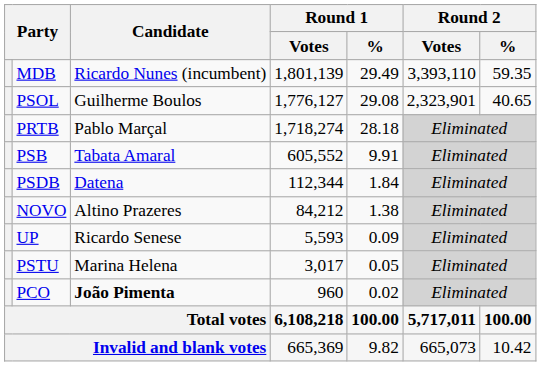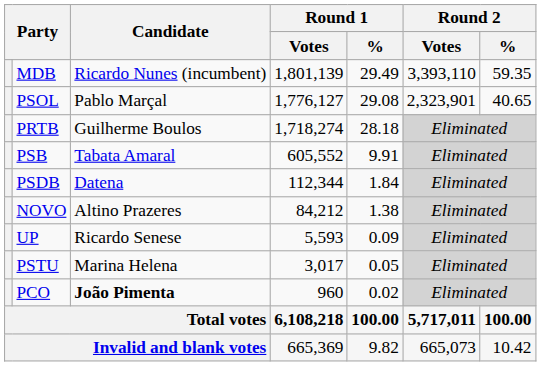 <table class="wikitable sortable" style="text-align:right">
 <tr>
 <th colspan=2 rowspan=2>Party</th>
 <th rowspan=2>Candidate</th>
 <th colspan=2>Round 1</th>
 <th colspan=2>Round 2</th>
 </tr>
 <tr>
 <th>Votes</th>
 <th>%</th>
 <th>Votes</th>
 <th>%</th>
 </tr>
 <tr>
 <th style="background-color:"></th>
 <td style="text-align:left"><a href='#'>MDB</a></td>
 <td style="text-align:left"><a href='#'>Ricardo Nunes</a> (incumbent)</td>
 <td>1,801,139</td>
 <td>29.49</td>
 <td>3,393,110</td>
 <td>59.35</td>
 </tr>
 <tr>
 <th style="background-color:"></th>
 <td style="text-align:left"><a href='#'>PSOL</a></td>
-<td style="text-align:left">Guilherme Boulos</td>
+<td style="text-align:left">Pablo Marçal</td>
 <td>1,776,127</td>
 <td>29.08</td>
 <td>2,323,901</td>
 <td>40.65</td>
 </tr>
 <tr>
 <th style="background-color:"></th>
 <td style="text-align:left"><a href='#'>PRTB</a></td>
-<td style="text-align:left">Pablo Marçal</td>
+<td style="text-align:left">Guilherme Boulos</td>
 <td>1,718,274</td>
 <td>28.18</td>
 <td colspan="2"  style="background:lightgrey; text-align:center;"><em>Eliminated</em></td>
 </tr>
 <tr>
 <th style="background-color:"></th>
 <td style="text-align:left"><a href='#'>PSB</a></td>
 <td style="text-align:left"><a href='#'>Tabata Amaral</a></td>
 <td>605,552</td>
 <td>9.91</td>
 <td colspan="2"  style="background:lightgrey; text-align:center;"><em>Eliminated</em></td>
 </tr>
 <tr>
 <th style="background-color:"></th>
 <td style="text-align:left"><a href='#'>PSDB</a></td>
 <td style="text-align:left"><a href='#'>Datena</a></td>
 <td>112,344</td>
 <td>1.84</td>
 <td colspan="2"  style="background:lightgrey; text-align:center;"><em>Eliminated</em></td>
 </tr>
 <tr>
 <th style="background-color:"></th>
 <td style="text-align:left"><a href='#'>NOVO</a></td>
 <td style="text-align:left">Altino Prazeres</td>
 <td>84,212</td>
 <td>1.38</td>
 <td colspan="2"  style="background:lightgrey; text-align:center;"><em>Eliminated</em></td>
 </tr>
 <tr>
 <th style="background-color:"></th>
 <td style="text-align:left"><a href='#'>UP</a></td>
 <td style="text-align:left">Ricardo Senese</td>
 <td>5,593</td>
 <td>0.09</td>
 <td colspan="2"  style="background:lightgrey; text-align:center;"><em>Eliminated</em></td>
 </tr>
 <tr>
 <th style="background-color:"></th>
 <td style="text-align:left"><a href='#'>PSTU</a></td>
 <td style="text-align:left">Marina Helena</td>
 <td>3,017</td>
 <td>0.05</td>
 <td colspan="2"  style="background:lightgrey; text-align:center;"><em>Eliminated</em></td>
 </tr>
 <tr>
 <th style="background-color:"></th>
 <td style="text-align:left"><a href='#'>PCO</a></td>
 <td style="text-align:left"><strong>João Pimenta</strong></td>
 <td>960</td>
 <td>0.02</td>
 <td colspan="2"  style="background:lightgrey; text-align:center;"><em>Eliminated</em></td>
 </tr>
 <tr class="sortbottom" style="background:#f6f6f6;">
 <th colspan=3 scope="row" style="text-align:right;">Total votes</th>
 <td><strong>6,108,218</strong></td>
 <td><strong>100.00</strong></td>
 <td><strong>5,717,011</strong></td>
 <td><strong>100.00</strong></td>
 </tr>
 <tr class="sortbottom" style="background:#f6f6f6;">
 <th colspan=3 scope="row" style="text-align:right;"><a href='#'>Invalid and blank votes</a></th>
 <td>665,369</td>
 <td>9.82</td>
 <td>665,073</td>
 <td>10.42</td>
 </tr>
 </table>
